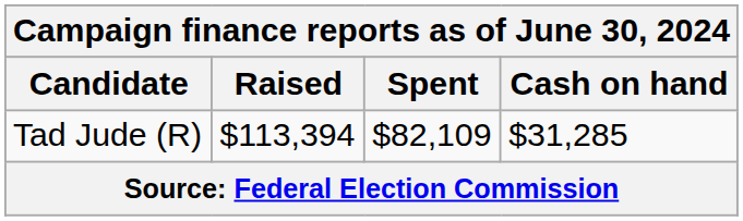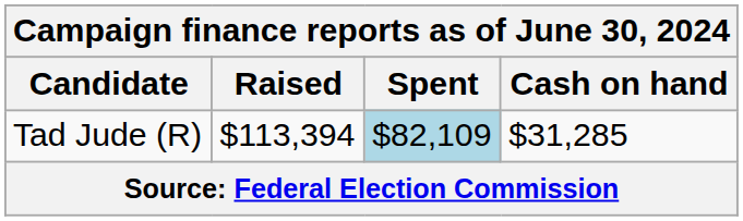 <table class="wikitable sortable">
 <tr>
 <th colspan=4>Campaign finance reports as of June 30, 2024</th>
 </tr>
 <tr style="text-align:center;">
 <th>Candidate</th>
 <th>Raised</th>
 <th>Spent</th>
 <th>Cash on hand</th>
 </tr>
 <tr>
 <td>Tad Jude (R)</td>
 <td>$113,394</td>
-<td>$82,109</td>
+<td style="background: lightblue;">$82,109</td>
 <td>$31,285</td>
 </tr>
 <tr>
 <th colspan="4"><small>Source: <a href='#'>Federal Election Commission</a></small></th>
 </tr>
 </table>
